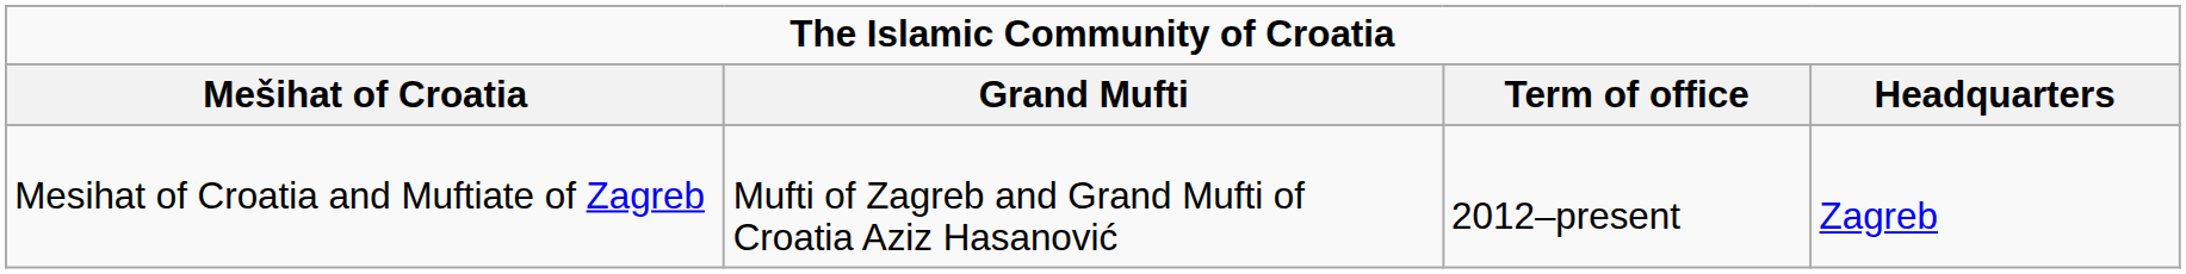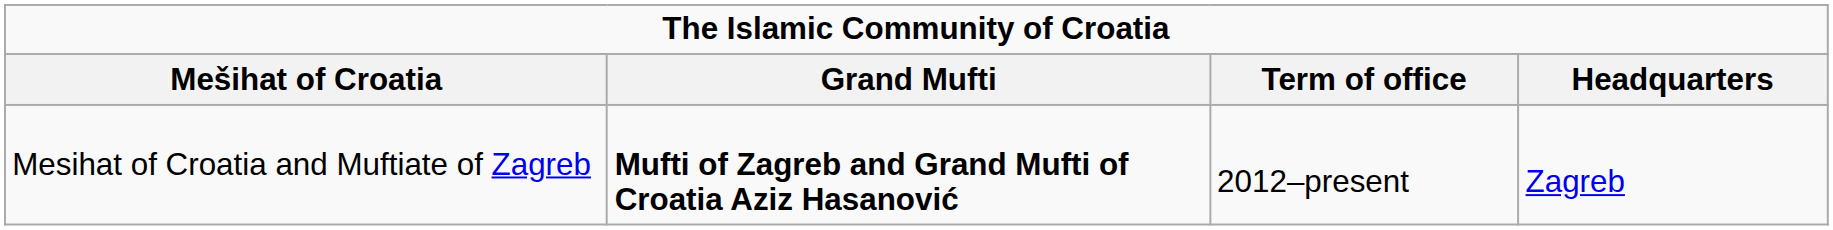 <table class=wikitable>
 <tr>
 <td colspan=4 align=center><strong>The Islamic Community of Croatia</strong></td>
 </tr>
 <tr>
 <th scope="row" width="300">Mešihat of Croatia</th>
 <th scope="row" width="300">Grand Mufti</th>
 <th scope="row" width="150">Term of office</th>
 <th scope="row" width="150">Headquarters</th>
 </tr>
 <tr>
 <td>Mesihat of Croatia and Muftiate of <a href='#'>Zagreb</a></td>
-<td><br>Mufti of Zagreb and Grand Mufti of Croatia Aziz Hasanović</td>
+<td><strong><br>Mufti of Zagreb and Grand Mufti of Croatia Aziz Hasanović</strong></td>
 <td><br>2012–present</td>
 <td><br><a href='#'>Zagreb</a></td>
 </tr>
 </table>
